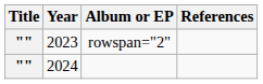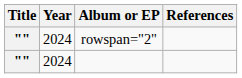 <table class="wikitable plainrowheaders" style="text-align:center;">
 <tr>
 <th scope="col">Title</th>
 <th scope="col">Year</th>
 <th scope="col">Album or EP</th>
 <th>References</th>
 </tr>
 <tr>
 <th scope="row">""<br></th>
-<td>2023</td>
+<td>2024</td>
 <td>rowspan="2" </td>
 <td></td>
 </tr>
 <tr>
 <th scope="row">""<br></th>
 <td>2024</td>
 <td></td>
 </tr>
 </table>
